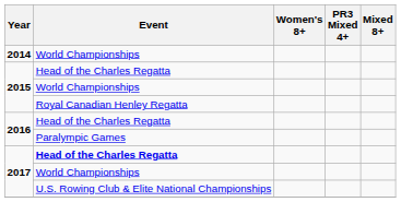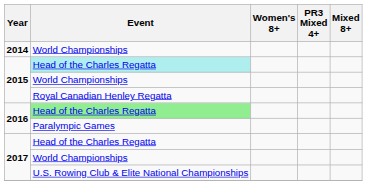 <table class="wikitable" style="text-align:center; font-size:95%;">
 <tr>
 <th align=center>Year</th>
 <th align=center>Event</th>
 <th style="width:30px;">Women's 8+</th>
 <th style="width:30px;">PR3 Mixed 4+</th>
 <th style="width:30px;">Mixed 8+</th>
 </tr>
 <tr>
 <td rowspan="1"><strong>2014</strong></td>
 <td align=left><a href='#'>World Championships</a></td>
 <td></td>
 <td></td>
 <td></td>
 </tr>
 <tr>
 <td rowspan="3"><strong>2015</strong></td>
-<td align=left><a href='#'>Head of the Charles Regatta</a></td>
+<td align=left style="background: paleturquoise;"><a href='#'>Head of the Charles Regatta</a></td>
 <td></td>
 <td></td>
 <td></td>
 </tr>
 <tr>
 <td align=left><a href='#'>World Championships</a></td>
 <td></td>
 <td></td>
 <td></td>
 </tr>
 <tr>
 <td align=left><a href='#'>Royal Canadian Henley Regatta</a></td>
 <td></td>
 <td></td>
 <td></td>
 </tr>
 <tr>
 <td rowspan="2"><strong>2016</strong></td>
-<td align=left><a href='#'>Head of the Charles Regatta</a></td>
+<td align=left style="background: lightgreen;"><a href='#'>Head of the Charles Regatta</a></td>
 <td></td>
 <td></td>
 <td></td>
 </tr>
 <tr>
 <td align=left><a href='#'>Paralympic Games</a></td>
 <td></td>
 <td></td>
 <td></td>
 </tr>
 <tr>
 <td rowspan="3"><strong>2017</strong></td>
-<td align=left><strong><a href='#'>Head of the Charles Regatta</a></strong></td>
+<td align=left><a href='#'>Head of the Charles Regatta</a></td>
 <td></td>
 <td></td>
 <td></td>
 </tr>
 <tr>
 <td align=left><a href='#'>World Championships</a></td>
 <td></td>
 <td></td>
 <td></td>
 </tr>
 <tr>
 <td align=left><a href='#'>U.S. Rowing Club & Elite National Championships</a></td>
 <td></td>
 <td></td>
 <td></td>
 </tr>
 <tr>
 </tr>
 </table>
